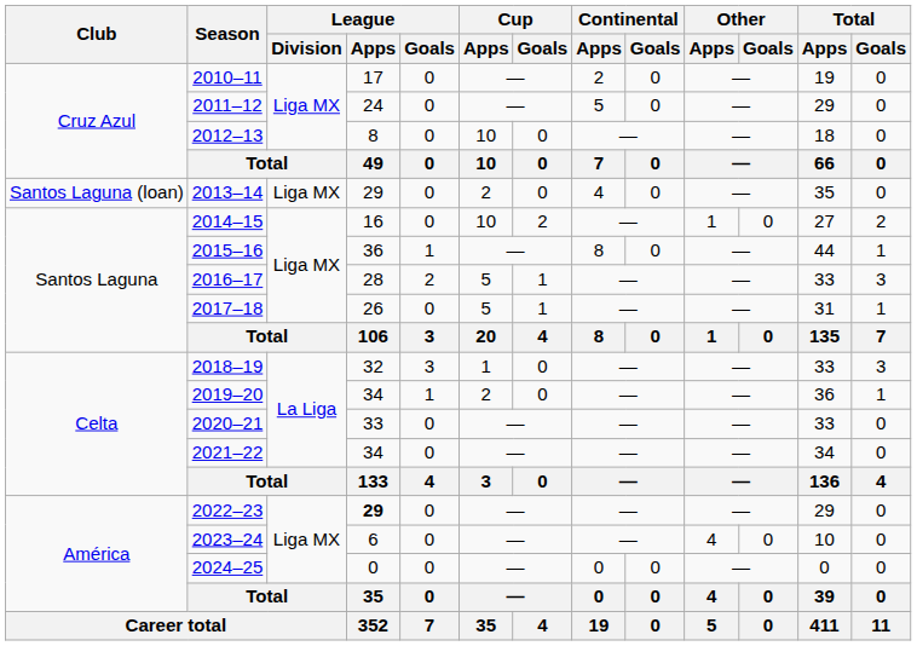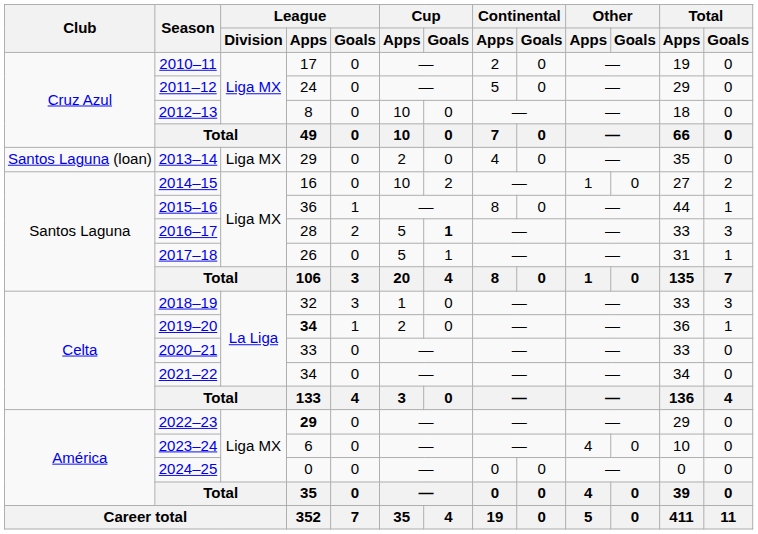 <table class="wikitable" style="text-align:center">
 <tr>
 <th rowspan="2">Club</th>
 <th rowspan="2">Season</th>
 <th colspan="3">League</th>
 <th colspan="2">Cup</th>
 <th colspan="2">Continental</th>
 <th colspan="2">Other</th>
 <th colspan="2">Total</th>
 </tr>
 <tr>
 <th>Division</th>
 <th>Apps</th>
 <th>Goals</th>
 <th>Apps</th>
 <th>Goals</th>
 <th>Apps</th>
 <th>Goals</th>
 <th>Apps</th>
 <th>Goals</th>
 <th>Apps</th>
 <th>Goals</th>
 </tr>
 <tr>
 <td rowspan="4"><a href='#'>Cruz Azul</a></td>
 <td><a href='#'>2010–11</a></td>
 <td rowspan="3"><a href='#'>Liga MX</a></td>
 <td>17</td>
 <td>0</td>
 <td colspan=2>—</td>
 <td>2</td>
 <td>0</td>
 <td colspan="2">—</td>
 <td>19</td>
 <td>0</td>
 </tr>
 <tr>
 <td><a href='#'>2011–12</a></td>
 <td>24</td>
 <td>0</td>
 <td colspan=2>—</td>
 <td>5</td>
 <td>0</td>
 <td colspan="2">—</td>
 <td>29</td>
 <td>0</td>
 </tr>
 <tr>
 <td><a href='#'>2012–13</a></td>
 <td>8</td>
 <td>0</td>
 <td>10</td>
 <td>0</td>
 <td colspan="2">—</td>
 <td colspan="2">—</td>
 <td>18</td>
 <td>0</td>
 </tr>
 <tr>
 <th colspan="2">Total</th>
 <th>49</th>
 <th>0</th>
 <th>10</th>
 <th>0</th>
 <th>7</th>
 <th>0</th>
 <th colspan="2">—</th>
 <th>66</th>
 <th>0</th>
 </tr>
 <tr>
 <td><a href='#'>Santos Laguna</a> (loan)</td>
 <td><a href='#'>2013–14</a></td>
 <td>Liga MX</td>
 <td>29</td>
 <td>0</td>
 <td>2</td>
 <td>0</td>
 <td>4</td>
 <td>0</td>
 <td colspan="2">—</td>
 <td>35</td>
 <td>0</td>
 </tr>
 <tr>
 <td rowspan="5">Santos Laguna</td>
 <td><a href='#'>2014–15</a></td>
 <td rowspan="4">Liga MX</td>
 <td>16</td>
 <td>0</td>
 <td>10</td>
 <td>2</td>
 <td colspan="2">—</td>
 <td>1</td>
 <td>0</td>
 <td>27</td>
 <td>2</td>
 </tr>
 <tr>
 <td><a href='#'>2015–16</a></td>
 <td>36</td>
 <td>1</td>
 <td colspan=2>—</td>
 <td>8</td>
 <td>0</td>
 <td colspan=2>—</td>
 <td>44</td>
 <td>1</td>
 </tr>
 <tr>
 <td><a href='#'>2016–17</a></td>
 <td>28</td>
 <td>2</td>
 <td>5</td>
-<td>1</td>
+<td><strong>1</strong></td>
 <td colspan="2">—</td>
 <td colspan=2>—</td>
 <td>33</td>
 <td>3</td>
 </tr>
 <tr>
 <td><a href='#'>2017–18</a></td>
 <td>26</td>
 <td>0</td>
 <td>5</td>
 <td>1</td>
 <td colspan="2">—</td>
 <td colspan="2">—</td>
 <td>31</td>
 <td>1</td>
 </tr>
 <tr>
 <th colspan="2">Total</th>
 <th>106</th>
 <th>3</th>
 <th>20</th>
 <th>4</th>
 <th>8</th>
 <th>0</th>
 <th>1</th>
 <th>0</th>
 <th>135</th>
 <th>7</th>
 </tr>
 <tr>
 <td rowspan="5"><a href='#'>Celta</a></td>
 <td><a href='#'>2018–19</a></td>
 <td rowspan="4"><a href='#'>La Liga</a></td>
 <td>32</td>
 <td>3</td>
 <td>1</td>
 <td>0</td>
 <td colspan="2">—</td>
 <td colspan="2">—</td>
 <td>33</td>
 <td>3</td>
 </tr>
 <tr>
 <td><a href='#'>2019–20</a></td>
-<td>34</td>
+<td><strong>34</strong></td>
 <td>1</td>
 <td>2</td>
 <td>0</td>
 <td colspan="2">—</td>
 <td colspan="2">—</td>
 <td>36</td>
 <td>1</td>
 </tr>
 <tr>
 <td><a href='#'>2020–21</a></td>
 <td>33</td>
 <td>0</td>
 <td colspan="2">—</td>
 <td colspan="2">—</td>
 <td colspan="2">—</td>
 <td>33</td>
 <td>0</td>
 </tr>
 <tr>
 <td><a href='#'>2021–22</a></td>
 <td>34</td>
 <td>0</td>
 <td colspan="2">—</td>
 <td colspan="2">—</td>
 <td colspan="2">—</td>
 <td>34</td>
 <td>0</td>
 </tr>
 <tr>
 <th colspan="2">Total</th>
 <th>133</th>
 <th>4</th>
 <th>3</th>
 <th>0</th>
 <th colspan="2">—</th>
 <th colspan="2">—</th>
 <th>136</th>
 <th>4</th>
 </tr>
 <tr>
 <td rowspan="4"><a href='#'>América</a></td>
 <td><a href='#'>2022–23</a></td>
 <td rowspan="3">Liga MX</td>
 <td><strong>29</strong></td>
 <td>0</td>
 <td colspan="2">—</td>
 <td colspan="2">—</td>
 <td colspan="2">—</td>
 <td>29</td>
 <td>0</td>
 </tr>
 <tr>
 <td><a href='#'>2023–24</a></td>
 <td>6</td>
 <td>0</td>
 <td colspan="2">—</td>
 <td colspan="2">—</td>
 <td>4</td>
 <td>0</td>
 <td>10</td>
 <td>0</td>
 </tr>
 <tr>
 <td><a href='#'>2024–25</a></td>
 <td>0</td>
 <td>0</td>
 <td colspan="2">—</td>
 <td>0</td>
 <td>0</td>
 <td colspan="2">—</td>
 <td>0</td>
 <td>0</td>
 </tr>
 <tr>
 <th colspan="2">Total</th>
 <th>35</th>
 <th>0</th>
 <th colspan="2">—</th>
 <th>0</th>
 <th>0</th>
 <th>4</th>
 <th>0</th>
 <th>39</th>
 <th>0</th>
 </tr>
 <tr>
 <th colspan="3">Career total</th>
 <th>352</th>
 <th>7</th>
 <th>35</th>
 <th>4</th>
 <th>19</th>
 <th>0</th>
 <th>5</th>
 <th>0</th>
 <th>411</th>
 <th>11</th>
 </tr>
 </table>
